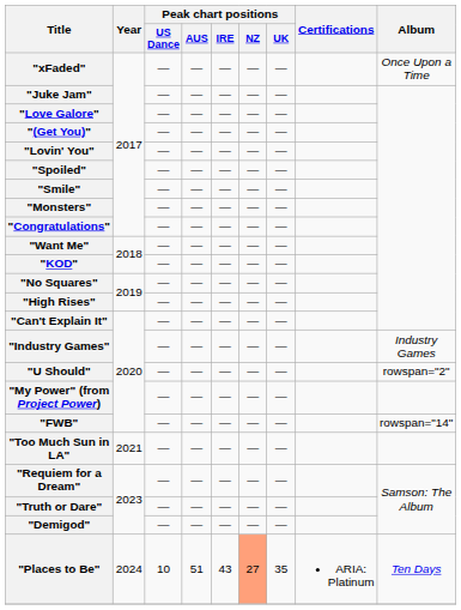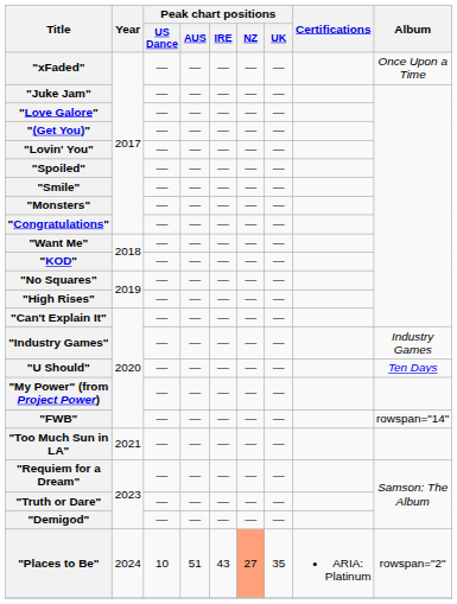 <table class="wikitable plainrowheaders" style="text-align:center">
 <tr>
 <th scope="col" rowspan="2">Title</th>
 <th scope="col" rowspan="2">Year</th>
 <th scope="col" colspan="5">Peak chart positions</th>
 <th scope="col" rowspan="2"><a href='#'>Certifications</a></th>
 <th scope="col" rowspan="2">Album</th>
 </tr>
 <tr>
 <th scope="col" style="width:2.5em;font-size:90%;"><a href='#'>US<br>Dance</a><br></th>
 <th scope="col" style="width:2.5em;font-size:90%;"><a href='#'>AUS</a><br></th>
 <th scope="col" style="width:2.5em;font-size:90%;"><a href='#'>IRE</a><br></th>
 <th scope="col" style="width:3em;font-size:90%;"><a href='#'>NZ</a><br></th>
 <th scope="col" style="width:3em;font-size:90%;"><a href='#'>UK</a><br></th>
 </tr>
 <tr>
 <th scope="row">"xFaded"</th>
 <td rowspan="9">2017</td>
 <td>—</td>
 <td>—</td>
 <td>—</td>
 <td>—</td>
 <td>—</td>
 <td></td>
 <td><em>Once Upon a Time</em></td>
 </tr>
 <tr>
 <th scope="row">"Juke Jam" </th>
 <td>—</td>
 <td>—</td>
 <td>—</td>
 <td>—</td>
 <td>—</td>
 <td></td>
 </tr>
 <tr>
 <th scope="row">"<a href='#'>Love Galore</a>" </th>
 <td>—</td>
 <td>—</td>
 <td>—</td>
 <td>—</td>
 <td>—</td>
 <td></td>
 </tr>
 <tr>
 <th scope="row">"<a href='#'>(Get You)</a>" </th>
 <td>—</td>
 <td>—</td>
 <td>—</td>
 <td>—</td>
 <td>—</td>
 <td></td>
 </tr>
 <tr>
 <th scope="row">"Lovin' You" </th>
 <td>—</td>
 <td>—</td>
 <td>—</td>
 <td>—</td>
 <td>—</td>
 <td></td>
 </tr>
 <tr>
 <th scope="row">"Spoiled" </th>
 <td>—</td>
 <td>—</td>
 <td>—</td>
 <td>—</td>
 <td>—</td>
 <td></td>
 </tr>
 <tr>
 <th scope="row">"Smile"</th>
 <td>—</td>
 <td>—</td>
 <td>—</td>
 <td>—</td>
 <td>—</td>
 <td></td>
 </tr>
 <tr>
 <th scope="row">"Monsters"</th>
 <td>—</td>
 <td>—</td>
 <td>—</td>
 <td>—</td>
 <td>—</td>
 <td></td>
 </tr>
 <tr>
 <th scope="row">"<a href='#'>Congratulations</a>" </th>
 <td>—</td>
 <td>—</td>
 <td>—</td>
 <td>—</td>
 <td>—</td>
 <td></td>
 </tr>
 <tr>
 <th scope="row">"Want Me"</th>
 <td rowspan="2">2018</td>
 <td>—</td>
 <td>—</td>
 <td>—</td>
 <td>—</td>
 <td>—</td>
 <td></td>
 </tr>
 <tr>
 <th scope="row">"<a href='#'>KOD</a>" </th>
 <td>—</td>
 <td>—</td>
 <td>—</td>
 <td>—</td>
 <td>—</td>
 <td></td>
 </tr>
 <tr>
 <th scope="row">"No Squares"</th>
 <td rowspan="2">2019</td>
 <td>—</td>
 <td>—</td>
 <td>—</td>
 <td>—</td>
 <td>—</td>
 <td></td>
 </tr>
 <tr>
 <th scope="row">"High Rises"</th>
 <td>—</td>
 <td>—</td>
 <td>—</td>
 <td>—</td>
 <td>—</td>
 <td></td>
 </tr>
 <tr>
 <th scope="row">"Can't Explain It"<br></th>
 <td rowspan="5">2020</td>
 <td>—</td>
 <td>—</td>
 <td>—</td>
 <td>—</td>
 <td>—</td>
 <td></td>
 </tr>
 <tr>
 <th scope="row">"Industry Games"</th>
 <td>—</td>
 <td>—</td>
 <td>—</td>
 <td>—</td>
 <td>—</td>
 <td></td>
 <td><em>Industry Games</em></td>
 </tr>
 <tr>
 <th scope="row">"U Should"</th>
 <td>—</td>
 <td>—</td>
 <td>—</td>
 <td>—</td>
 <td>—</td>
 <td></td>
-<td>rowspan="2" </td>
+<td><em><a href='#'>Ten Days</a></em></td>
 </tr>
 <tr>
 <th scope="row">"My Power" (from <em><a href='#'>Project Power</a></em>)</th>
 <td>—</td>
 <td>—</td>
 <td>—</td>
 <td>—</td>
 <td>—</td>
 <td></td>
 </tr>
 <tr>
 <th scope="row">"FWB"</th>
 <td>—</td>
 <td>—</td>
 <td>—</td>
 <td>—</td>
 <td>—</td>
 <td></td>
 <td>rowspan="14" </td>
 </tr>
 <tr>
 <th scope="row">"Too Much Sun in LA"</th>
 <td>2021</td>
 <td>—</td>
 <td>—</td>
 <td>—</td>
 <td>—</td>
 <td>—</td>
 <td></td>
 <td></td>
 </tr>
 <tr>
 <th scope="row">"Requiem for a Dream"</th>
 <td rowspan="3">2023</td>
 <td>—</td>
 <td>—</td>
 <td>—</td>
 <td>—</td>
 <td>—</td>
 <td></td>
 <td rowspan="3"><em>Samson: The Album</em></td>
 </tr>
 <tr>
 <th scope="row">"Truth or Dare"<br></th>
 <td>—</td>
 <td>—</td>
 <td>—</td>
 <td>—</td>
 <td>—</td>
 <td></td>
 </tr>
 <tr>
 <th scope="row">"Demigod"</th>
 <td>—</td>
 <td>—</td>
 <td>—</td>
 <td>—</td>
 <td>—</td>
 <td></td>
 </tr>
 <tr>
 <th scope="row">"Places to Be"<br></th>
 <td>2024</td>
 <td>10</td>
 <td>51</td>
 <td>43</td>
 <td style="background: lightsalmon;">27</td>
 <td>35</td>
 <td><br><ul><li>ARIA: Platinum</li></ul></td>
-<td><em><a href='#'>Ten Days</a></em></td>
+<td>rowspan="2" </td>
 </tr>
 <tr>
 </tr>
 </table>
